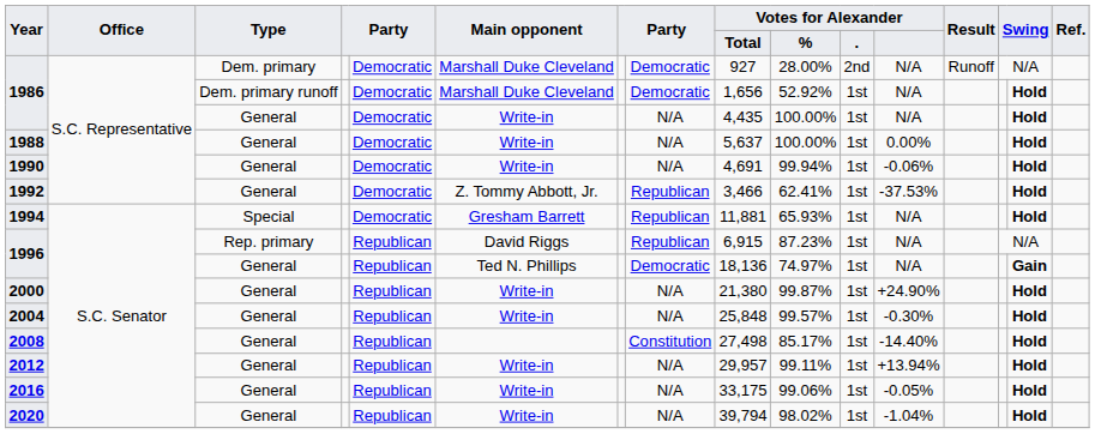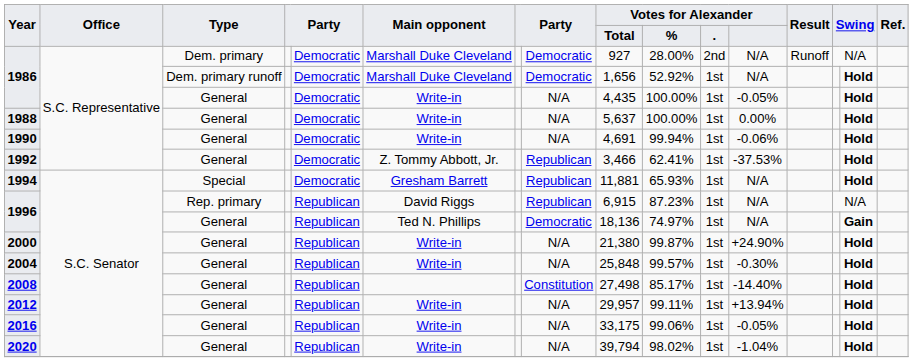 <table class="wikitable" style="font-size: 90%; text-align:center;">
 <tr>
 <th style="background-color:#EAECF0;" rowspan=2>Year</th>
 <th style="background-color:#EAECF0;" rowspan=2>Office</th>
 <th style="background-color:#EAECF0;" rowspan=2>Type</th>
 <th style="background-color:#EAECF0;" colspan=2 rowspan=2>Party</th>
 <th style="background-color:#EAECF0;" rowspan=2>Main opponent</th>
 <th style="background-color:#EAECF0;" colspan=2 rowspan=2>Party</th>
 <th style="background-color:#EAECF0;" colspan=4>Votes for Alexander</th>
 <th style="background-color:#EAECF0;" rowspan=2>Result</th>
 <th style="background-color:#EAECF0;" colspan=2 rowspan=2><a href='#'>Swing</a></th>
 <th style="background-color:#EAECF0;" colspan=2 rowspan=2>Ref.</th>
 </tr>
 <tr>
 <th style="background-color:#EAECF0;">Total</th>
 <th style="background-color:#EAECF0;">%</th>
 <th style="background-color:#EAECF0;">.</th>
 <th style="background-color:#EAECF0;"></th>
 </tr>
 <tr>
 <th rowspan=3 style="background-color:#EAECF0;">1986</th>
 <td rowspan=6>S.C. Representative</td>
 <td>Dem. primary</td>
 <td style="background-color:"></td>
 <td><a href='#'>Democratic</a></td>
 <td><a href='#'>Marshall Duke Cleveland</a></td>
 <td style="background-color:"></td>
 <td><a href='#'>Democratic</a></td>
 <td>927</td>
 <td>28.00%</td>
 <td>2nd</td>
 <td>N/A</td>
 <td>Runoff</td>
 <td colspan=2>N/A</td>
 <td></td>
 </tr>
 <tr>
 <td>Dem. primary runoff</td>
 <td style="background-color:"></td>
 <td><a href='#'>Democratic</a></td>
 <td><a href='#'>Marshall Duke Cleveland</a></td>
 <td style="background-color:"></td>
 <td><a href='#'>Democratic</a></td>
 <td>1,656</td>
 <td>52.92%</td>
 <td>1st</td>
 <td>N/A</td>
 <td></td>
 <td style="background-color:"></td>
 <td><strong>Hold</strong></td>
 <td></td>
 </tr>
 <tr>
 <td>General</td>
 <td style="background-color:"></td>
 <td><a href='#'>Democratic</a></td>
 <td><a href='#'>Write-in</a></td>
 <td></td>
 <td>N/A</td>
 <td>4,435</td>
 <td>100.00%</td>
 <td>1st</td>
-<td>N/A</td>
+<td>-0.05%</td>
 <td></td>
 <td style="background-color:"></td>
 <td><strong>Hold</strong></td>
 <td></td>
 </tr>
 <tr>
 <th style="background-color:#EAECF0;">1988</th>
 <td>General</td>
 <td style="background-color:"></td>
 <td><a href='#'>Democratic</a></td>
 <td><a href='#'>Write-in</a></td>
 <td></td>
 <td>N/A</td>
 <td>5,637</td>
 <td>100.00%</td>
 <td>1st</td>
 <td>0.00%</td>
 <td></td>
 <td style="background-color:"></td>
 <td><strong>Hold</strong></td>
 <td></td>
 </tr>
 <tr>
 <th style="background-color:#EAECF0;">1990</th>
 <td>General</td>
 <td style="background-color:"></td>
 <td><a href='#'>Democratic</a></td>
 <td><a href='#'>Write-in</a></td>
 <td></td>
 <td>N/A</td>
 <td>4,691</td>
 <td>99.94%</td>
 <td>1st</td>
 <td>-0.06%</td>
 <td></td>
 <td style="background-color:"></td>
 <td><strong>Hold</strong></td>
 <td></td>
 </tr>
 <tr>
 <th style="background-color:#EAECF0;">1992</th>
 <td>General</td>
 <td style="background-color:"></td>
 <td><a href='#'>Democratic</a></td>
 <td>Z. Tommy Abbott, Jr.</td>
 <td style="background-color:"></td>
 <td><a href='#'>Republican</a></td>
 <td>3,466</td>
 <td>62.41%</td>
 <td>1st</td>
 <td>-37.53%</td>
 <td></td>
 <td style="background-color:"></td>
 <td><strong>Hold</strong></td>
 <td></td>
 </tr>
 <tr>
 <th style="background-color:#EAECF0;">1994</th>
 <td rowspan=9>S.C. Senator</td>
 <td>Special</td>
 <td style="background-color:"></td>
 <td><a href='#'>Democratic</a></td>
 <td><a href='#'>Gresham Barrett</a></td>
 <td style="background-color:"></td>
 <td><a href='#'>Republican</a></td>
 <td>11,881</td>
 <td>65.93%</td>
 <td>1st</td>
 <td>N/A</td>
 <td></td>
 <td style="background-color:"></td>
 <td><strong>Hold</strong></td>
 <td></td>
 </tr>
 <tr>
 <th rowspan=2 style="background-color:#EAECF0;">1996</th>
 <td>Rep. primary</td>
 <td style="background-color:"></td>
 <td><a href='#'>Republican</a></td>
 <td>David Riggs</td>
 <td style="background-color:"></td>
 <td><a href='#'>Republican</a></td>
 <td>6,915</td>
 <td>87.23%</td>
 <td>1st</td>
 <td>N/A</td>
 <td></td>
 <td colspan=2>N/A</td>
 <td></td>
 </tr>
 <tr>
 <td>General</td>
 <td style="background-color:"></td>
 <td><a href='#'>Republican</a></td>
 <td>Ted N. Phillips</td>
 <td style="background-color:"></td>
 <td><a href='#'>Democratic</a></td>
 <td>18,136</td>
 <td>74.97%</td>
 <td>1st</td>
 <td>N/A</td>
 <td></td>
 <td style="background-color:"></td>
 <td><strong>Gain</strong></td>
 <td></td>
 </tr>
 <tr>
 <th style="background-color:#EAECF0;">2000</th>
 <td>General</td>
 <td style="background-color:"></td>
 <td><a href='#'>Republican</a></td>
 <td><a href='#'>Write-in</a></td>
 <td></td>
 <td>N/A</td>
 <td>21,380</td>
 <td>99.87%</td>
 <td>1st</td>
 <td>+24.90%</td>
 <td></td>
 <td style="background-color:"></td>
 <td><strong>Hold</strong></td>
 <td></td>
 </tr>
 <tr>
 <th style="background-color:#EAECF0;">2004</th>
 <td>General</td>
 <td style="background-color:"></td>
 <td><a href='#'>Republican</a></td>
 <td><a href='#'>Write-in</a></td>
 <td></td>
 <td>N/A</td>
 <td>25,848</td>
 <td>99.57%</td>
 <td>1st</td>
 <td>-0.30%</td>
 <td></td>
 <td style="background-color:"></td>
 <td><strong>Hold</strong></td>
 <td></td>
 </tr>
 <tr>
 <th style="background-color:#EAECF0;"><a href='#'>2008</a></th>
 <td>General</td>
 <td style="background-color:"></td>
 <td><a href='#'>Republican</a></td>
 <td></td>
 <td style="background-color:"></td>
 <td><a href='#'>Constitution</a></td>
 <td>27,498</td>
 <td>85.17%</td>
 <td>1st</td>
 <td>-14.40%</td>
 <td></td>
 <td style="background-color:"></td>
 <td><strong>Hold</strong></td>
 <td></td>
 </tr>
 <tr>
 <th style="background-color:#EAECF0;"><a href='#'>2012</a></th>
 <td>General</td>
 <td style="background-color:"></td>
 <td><a href='#'>Republican</a></td>
 <td><a href='#'>Write-in</a></td>
 <td></td>
 <td>N/A</td>
 <td>29,957</td>
 <td>99.11%</td>
 <td>1st</td>
 <td>+13.94%</td>
 <td></td>
 <td style="background-color:"></td>
 <td><strong>Hold</strong></td>
 <td></td>
 </tr>
 <tr>
 <th style="background-color:#EAECF0;"><a href='#'>2016</a></th>
 <td>General</td>
 <td style="background-color:"></td>
 <td><a href='#'>Republican</a></td>
 <td><a href='#'>Write-in</a></td>
 <td></td>
 <td>N/A</td>
 <td>33,175</td>
 <td>99.06%</td>
 <td>1st</td>
 <td>-0.05%</td>
 <td></td>
 <td style="background-color:"></td>
 <td><strong>Hold</strong></td>
 <td></td>
 </tr>
 <tr>
 <th style="background-color:#EAECF0;"><a href='#'>2020</a></th>
 <td>General</td>
 <td style="background-color:"></td>
 <td><a href='#'>Republican</a></td>
 <td><a href='#'>Write-in</a></td>
 <td></td>
 <td>N/A</td>
 <td>39,794</td>
 <td>98.02%</td>
 <td>1st</td>
 <td>-1.04%</td>
 <td></td>
 <td style="background-color:"></td>
 <td><strong>Hold</strong></td>
 <td></td>
 </tr>
 <tr>
 </tr>
 </table>
